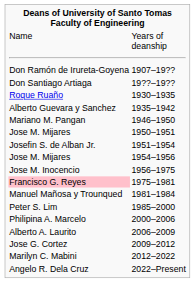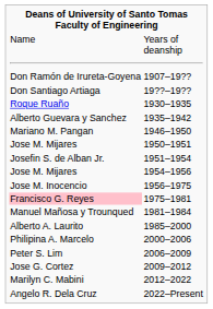 <table class="infobox" style="float:right; clear:right; font-size:88%">
 <tr>
 <th colspan=2 style="text-align: center;">Deans of University of Santo Tomas<br>Faculty of Engineering</th>
 </tr>
 <tr valign="bottom">
 <td>Name</td>
 <td>Years of<br>deanship</td>
 </tr>
 <tr>
 <td colspan=2><hr></td>
 </tr>
 <tr>
 <td>Don Ramón de Irureta-Goyena</td>
 <td>1907–19??</td>
 </tr>
 <tr>
 <td>Don Santiago Artiaga</td>
 <td>19??–19??</td>
 </tr>
 <tr>
 <td><a href='#'>Roque Ruaño</a></td>
 <td>1930–1935</td>
 </tr>
 <tr>
 <td>Alberto Guevara y Sanchez</td>
 <td>1935–1942</td>
 </tr>
 <tr>
 <td>Mariano M. Pangan</td>
 <td>1946–1950</td>
 </tr>
 <tr>
 <td>Jose M. Mijares</td>
 <td>1950–1951</td>
 </tr>
 <tr>
 <td>Josefin S. de Alban Jr.</td>
 <td>1951–1954</td>
 </tr>
 <tr>
 <td>Jose M. Mijares</td>
 <td>1954–1956</td>
 </tr>
 <tr>
 <td>Jose M. Inocencio</td>
 <td>1956–1975</td>
 </tr>
 <tr>
 <td style="background: pink;">Francisco G. Reyes</td>
 <td>1975–1981</td>
 </tr>
 <tr>
 <td>Manuel Mañosa y Trounqued</td>
 <td>1981–1984</td>
 </tr>
 <tr>
-<td>Peter S. Lim</td>
+<td>Alberto A. Laurito</td>
 <td>1985–2000</td>
 </tr>
 <tr>
 <td>Philipina A. Marcelo</td>
 <td>2000–2006</td>
 </tr>
 <tr>
-<td>Alberto A. Laurito</td>
+<td>Peter S. Lim</td>
 <td>2006–2009</td>
 </tr>
 <tr>
 <td>Jose G. Cortez</td>
 <td>2009–2012</td>
 </tr>
 <tr>
 <td>Marilyn C. Mabini</td>
 <td>2012–2022</td>
 </tr>
 <tr>
 <td>Angelo R. Dela Cruz</td>
 <td>2022–Present</td>
 </tr>
 </table>
